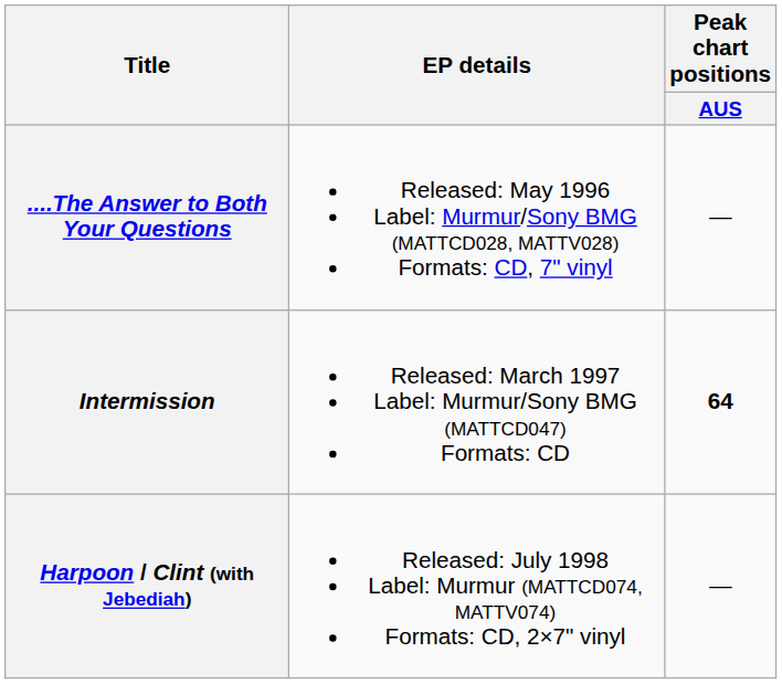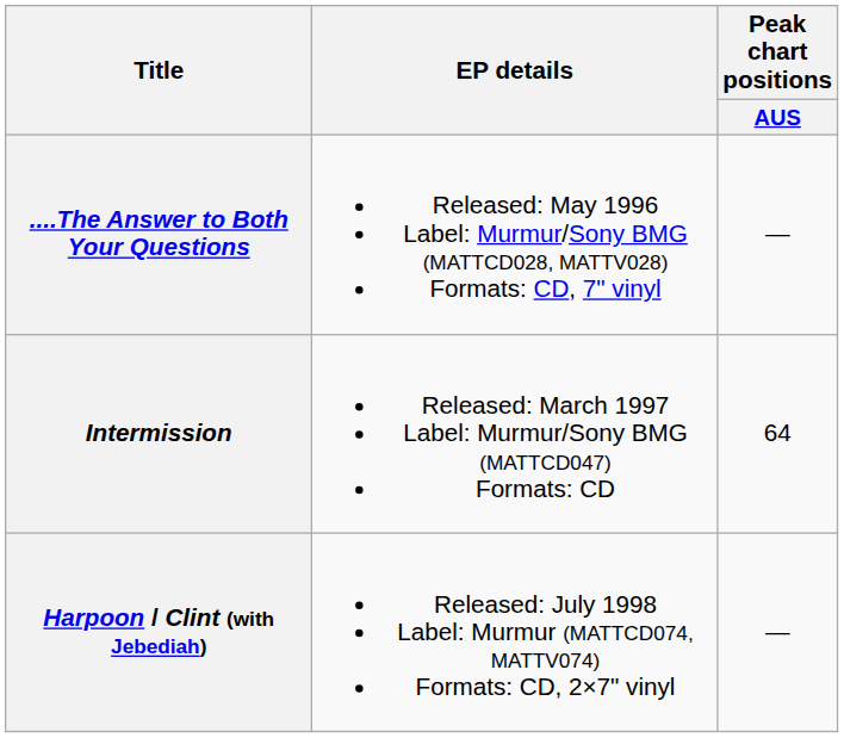 <table class="wikitable plainrowheaders" style="text-align:center;">
 <tr>
 <th scope="col" rowspan="2" style="width:12em;">Title</th>
 <th scope="col" rowspan="2" style="width:16em;">EP details</th>
 <th scope="col" colspan="1">Peak chart positions</th>
 </tr>
 <tr>
 <th scope="col" style="width:3em;font-size:90%;"><a href='#'>AUS</a><br></th>
 </tr>
 <tr>
 <th scope="row"><em><a href='#'>....The Answer to Both Your Questions</a></em></th>
 <td><br><ul><li>Released: May 1996</li><li>Label: <a href='#'>Murmur</a>/<a href='#'>Sony BMG</a> <small>(MATTCD028, MATTV028)</small></li><li>Formats: <a href='#'>CD</a>, <a href='#'>7" vinyl</a></li></ul></td>
 <td>—</td>
 </tr>
 <tr>
 <th scope="row"><em>Intermission</em></th>
 <td><br><ul><li>Released: March 1997</li><li>Label: Murmur/Sony BMG <small>(MATTCD047)</small></li><li>Formats: CD</li></ul></td>
-<td><strong>64</strong></td>
+<td>64</td>
 </tr>
 <tr>
 <th scope="row"><em><a href='#'>Harpoon</a></em> / <em>Clint</em> <small>(with <a href='#'>Jebediah</a>)</small></th>
 <td><br><ul><li>Released: July 1998</li><li>Label: Murmur <small>(MATTCD074, MATTV074)</small></li><li>Formats: CD, 2×7" vinyl</li></ul></td>
 <td>—</td>
 </tr>
 </table>
